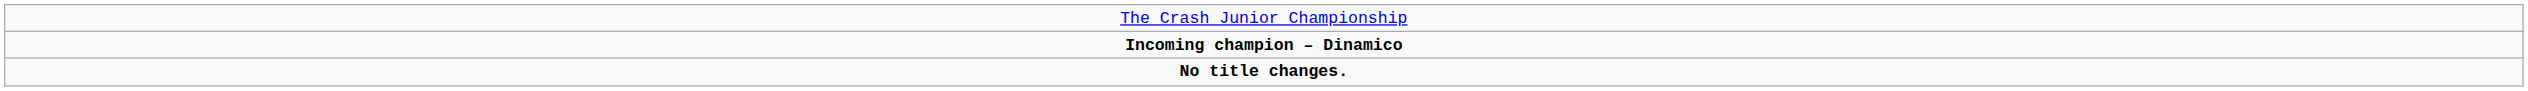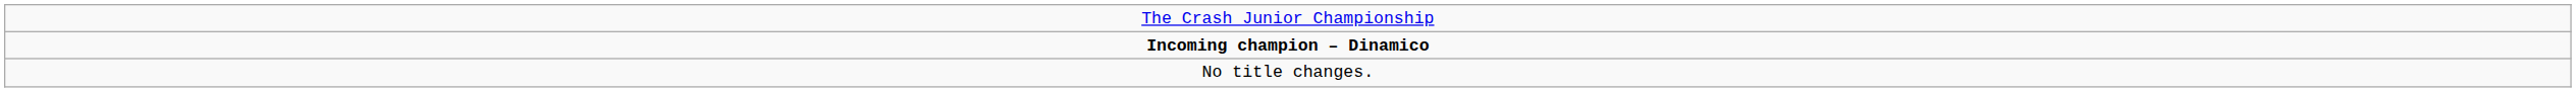 <table class="wikitable" style="text-align:center; width:100%;">
 <tr>
 <td style="text-align: center;"><a href='#'>The Crash Junior Championship</a></td>
 </tr>
 <tr>
 <td style="text-align: center;"><strong>Incoming champion – Dinamico</strong></td>
 </tr>
 <tr>
-<td><strong>No title changes.</strong></td>
+<td>No title changes.</td>
 </tr>
 </table>
